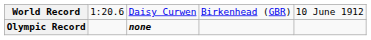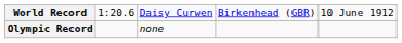 <table class="wikitable" style="font-size:95%;">
 <tr>
 <th>World Record</th>
 <td>1:20.6</td>
 <td> <a href='#'>Daisy Curwen</a></td>
 <td><a href='#'>Birkenhead</a> (<a href='#'>GBR</a>)</td>
 <td>10 June 1912</td>
 </tr>
 <tr>
 <th>Olympic Record</th>
 <td></td>
-<td><strong><em>none</em></strong></td>
+<td><em>none</em></td>
 <td></td>
 <td></td>
 </tr>
 </table>
